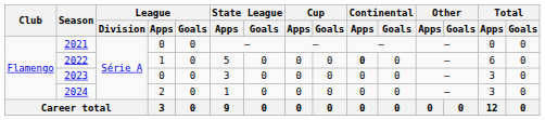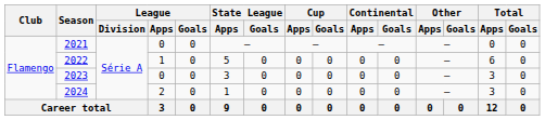 <table class="wikitable" style="text-align: center">
 <tr>
 <th rowspan="2">Club</th>
 <th rowspan="2">Season</th>
 <th colspan="3">League</th>
 <th colspan="2">State League</th>
 <th colspan="2">Cup</th>
 <th colspan="2">Continental</th>
 <th colspan="2">Other</th>
 <th colspan="2">Total</th>
 </tr>
 <tr>
 <th>Division</th>
 <th>Apps</th>
 <th>Goals</th>
 <th>Apps</th>
 <th>Goals</th>
 <th>Apps</th>
 <th>Goals</th>
 <th>Apps</th>
 <th>Goals</th>
 <th>Apps</th>
 <th>Goals</th>
 <th>Apps</th>
 <th>Goals</th>
 </tr>
 <tr>
 <td rowspan="4"><a href='#'>Flamengo</a></td>
 <td><a href='#'>2021</a></td>
 <td rowspan="4"><a href='#'>Série A</a></td>
 <td>0</td>
 <td>0</td>
 <td colspan="2">–</td>
 <td colspan="2">–</td>
 <td colspan="2">–</td>
 <td colspan="2">–</td>
 <td>0</td>
 <td>0</td>
 </tr>
 <tr>
 <td><a href='#'>2022</a></td>
 <td>1</td>
 <td>0</td>
 <td>5</td>
 <td>0</td>
 <td>0</td>
 <td>0</td>
-<td><strong>0</strong></td>
+<td>0</td>
 <td>0</td>
 <td colspan="2">–</td>
 <td>6</td>
 <td>0</td>
 </tr>
 <tr>
 <td><a href='#'>2023</a></td>
 <td>0</td>
 <td>0</td>
 <td>3</td>
 <td>0</td>
 <td>0</td>
 <td>0</td>
 <td>0</td>
 <td>0</td>
 <td colspan="2">–</td>
 <td>3</td>
 <td>0</td>
 </tr>
 <tr>
 <td><a href='#'>2024</a></td>
 <td>2</td>
 <td>0</td>
 <td>1</td>
 <td>0</td>
 <td>0</td>
 <td>0</td>
 <td>0</td>
 <td>0</td>
 <td colspan="2">–</td>
 <td>3</td>
 <td>0</td>
 </tr>
 <tr>
 <th colspan="3">Career total</th>
 <th>3</th>
 <th>0</th>
 <th>9</th>
 <th>0</th>
 <th>0</th>
 <th>0</th>
 <th>0</th>
 <th>0</th>
 <th>0</th>
 <th>0</th>
 <th>12</th>
 <th>0</th>
 </tr>
 </table>
